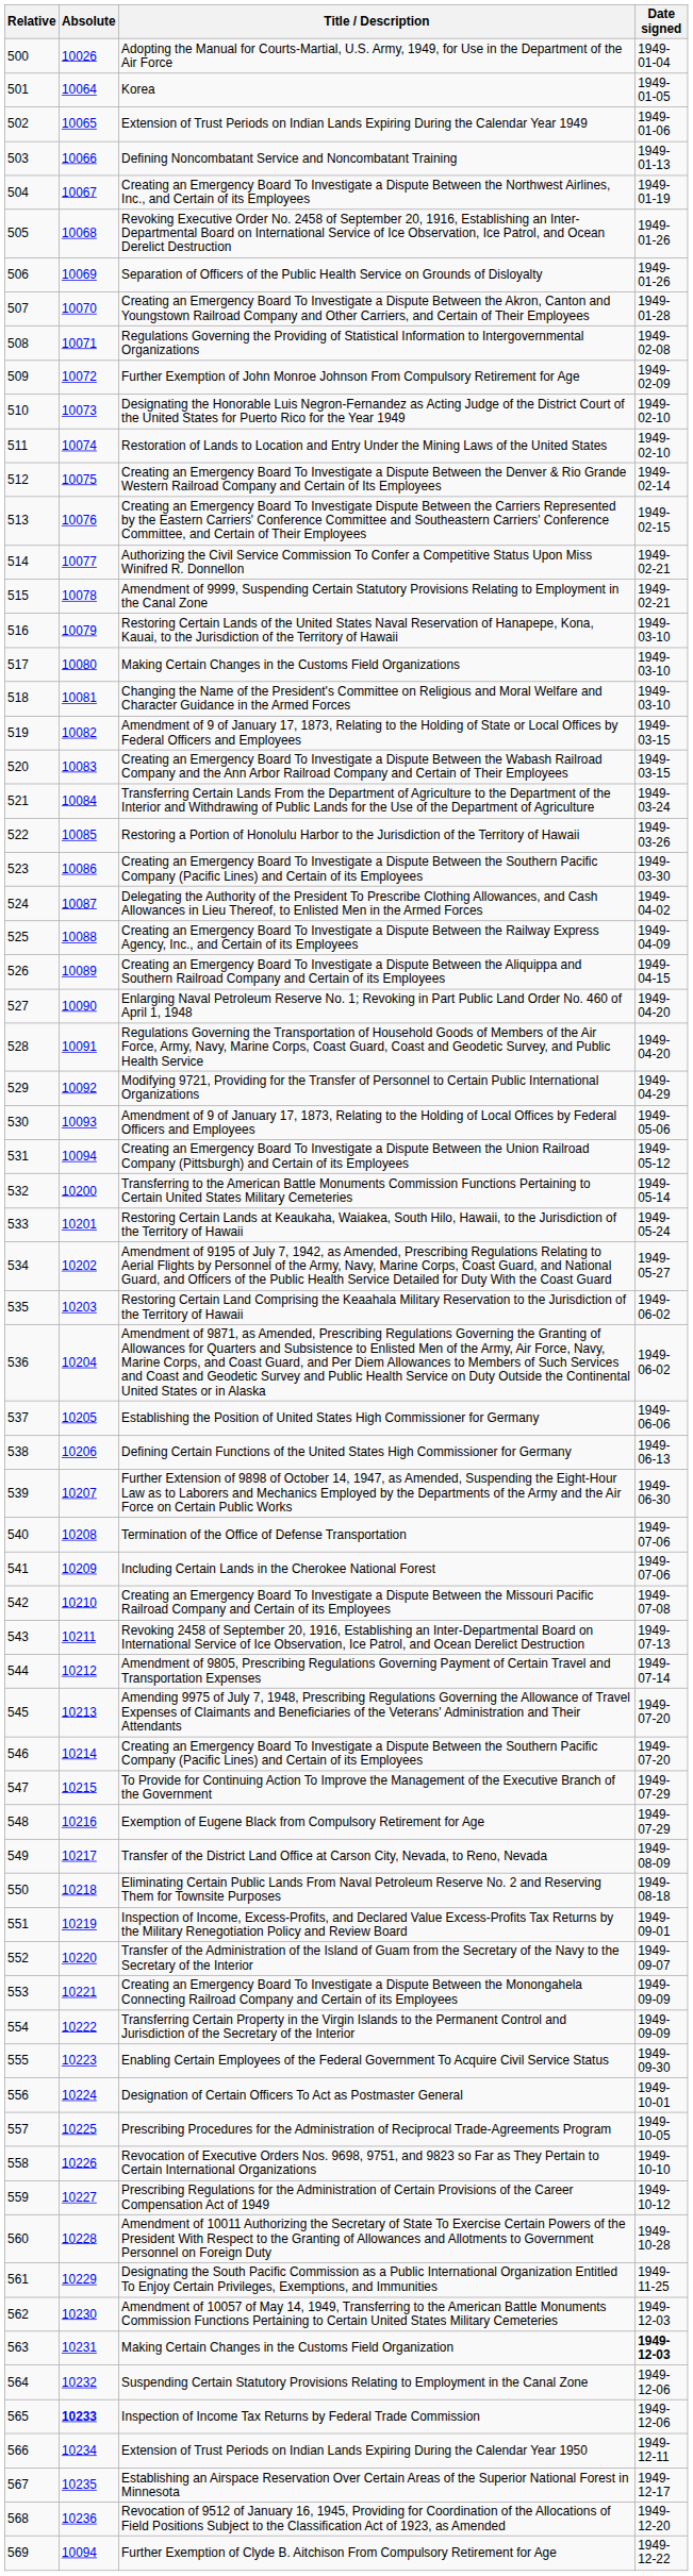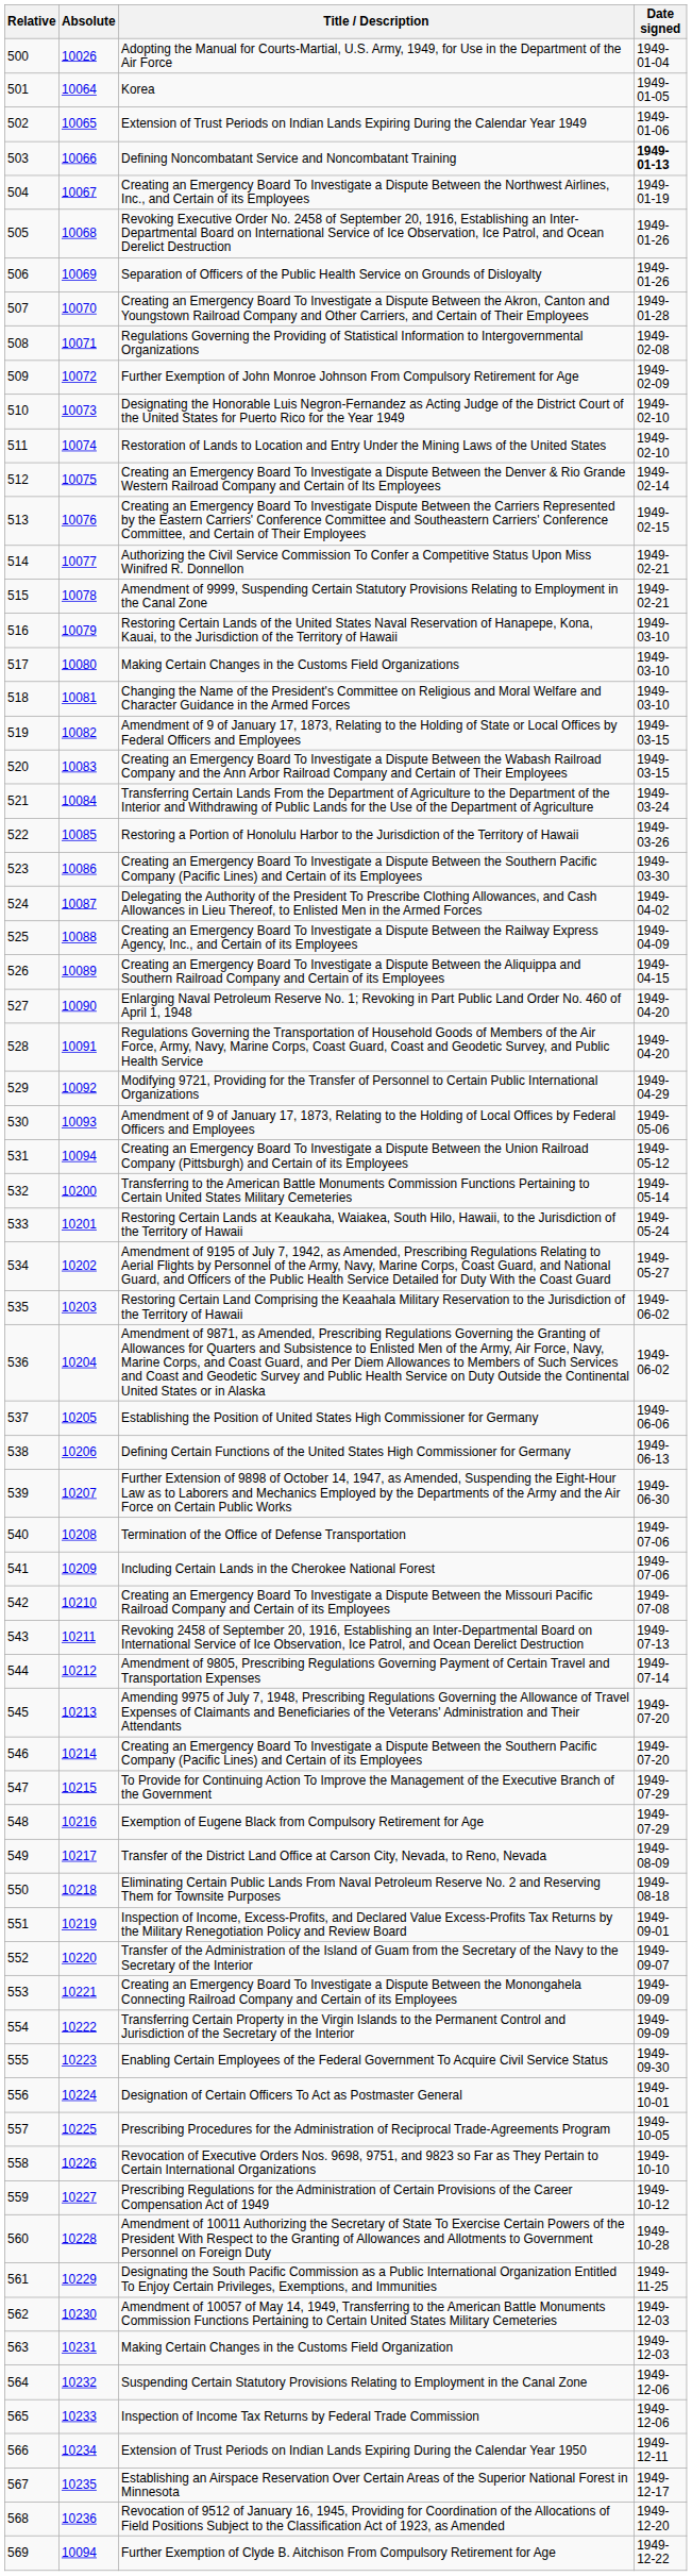 <table class="wikitable">
 <tr>
 <th>Relative </th>
 <th>Absolute </th>
 <th>Title / Description</th>
 <th>Date signed</th>
 </tr>
 <tr>
 <td>500</td>
 <td><a href='#'>10026</a></td>
 <td>Adopting the Manual for Courts-Martial, U.S. Army, 1949, for Use in the Department of the Air Force</td>
 <td>1949-01-04</td>
 </tr>
 <tr>
 <td>501</td>
 <td><a href='#'>10064</a></td>
 <td>Korea</td>
 <td>1949-01-05</td>
 </tr>
 <tr>
 <td>502</td>
 <td><a href='#'>10065</a></td>
 <td>Extension of Trust Periods on Indian Lands Expiring During the Calendar Year 1949</td>
 <td>1949-01-06</td>
 </tr>
 <tr>
 <td>503</td>
 <td><a href='#'>10066</a></td>
 <td>Defining Noncombatant Service and Noncombatant Training</td>
-<td>1949-01-13</td>
+<td><strong>1949-01-13</strong></td>
 </tr>
 <tr>
 <td>504</td>
 <td><a href='#'>10067</a></td>
 <td>Creating an Emergency Board To Investigate a Dispute Between the Northwest Airlines, Inc., and Certain of its Employees</td>
 <td>1949-01-19</td>
 </tr>
 <tr>
 <td>505</td>
 <td><a href='#'>10068</a></td>
 <td>Revoking Executive Order No. 2458 of September 20, 1916, Establishing an Inter-Departmental Board on International Service of Ice Observation, Ice Patrol, and Ocean Derelict Destruction</td>
 <td>1949-01-26</td>
 </tr>
 <tr>
 <td>506</td>
 <td><a href='#'>10069</a></td>
 <td>Separation of Officers of the Public Health Service on Grounds of Disloyalty</td>
 <td>1949-01-26</td>
 </tr>
 <tr>
 <td>507</td>
 <td><a href='#'>10070</a></td>
 <td>Creating an Emergency Board To Investigate a Dispute Between the Akron, Canton and Youngstown Railroad Company and Other Carriers, and Certain of Their Employees</td>
 <td>1949-01-28</td>
 </tr>
 <tr>
 <td>508</td>
 <td><a href='#'>10071</a></td>
 <td>Regulations Governing the Providing of Statistical Information to Intergovernmental Organizations</td>
 <td>1949-02-08</td>
 </tr>
 <tr>
 <td>509</td>
 <td><a href='#'>10072</a></td>
 <td>Further Exemption of John Monroe Johnson From Compulsory Retirement for Age</td>
 <td>1949-02-09</td>
 </tr>
 <tr>
 <td>510</td>
 <td><a href='#'>10073</a></td>
 <td>Designating the Honorable Luis Negron-Fernandez as Acting Judge of the District Court of the United States for Puerto Rico for the Year 1949</td>
 <td>1949-02-10</td>
 </tr>
 <tr>
 <td>511</td>
 <td><a href='#'>10074</a></td>
 <td>Restoration of Lands to Location and Entry Under the Mining Laws of the United States</td>
 <td>1949-02-10</td>
 </tr>
 <tr>
 <td>512</td>
 <td><a href='#'>10075</a></td>
 <td>Creating an Emergency Board To Investigate a Dispute Between the Denver & Rio Grande Western Railroad Company and Certain of Its Employees</td>
 <td>1949-02-14</td>
 </tr>
 <tr>
 <td>513</td>
 <td><a href='#'>10076</a></td>
 <td>Creating an Emergency Board To Investigate Dispute Between the Carriers Represented by the Eastern Carriers' Conference Committee and Southeastern Carriers' Conference Committee, and Certain of Their Employees</td>
 <td>1949-02-15</td>
 </tr>
 <tr>
 <td>514</td>
 <td><a href='#'>10077</a></td>
 <td>Authorizing the Civil Service Commission To Confer a Competitive Status Upon Miss Winifred R. Donnellon</td>
 <td>1949-02-21</td>
 </tr>
 <tr>
 <td>515</td>
 <td><a href='#'>10078</a></td>
 <td>Amendment of 9999, Suspending Certain Statutory Provisions Relating to Employment in the Canal Zone</td>
 <td>1949-02-21</td>
 </tr>
 <tr>
 <td>516</td>
 <td><a href='#'>10079</a></td>
 <td>Restoring Certain Lands of the United States Naval Reservation of Hanapepe, Kona, Kauai, to the Jurisdiction of the Territory of Hawaii</td>
 <td>1949-03-10</td>
 </tr>
 <tr>
 <td>517</td>
 <td><a href='#'>10080</a></td>
 <td>Making Certain Changes in the Customs Field Organizations</td>
 <td>1949-03-10</td>
 </tr>
 <tr>
 <td>518</td>
 <td><a href='#'>10081</a></td>
 <td>Changing the Name of the President's Committee on Religious and Moral Welfare and Character Guidance in the Armed Forces</td>
 <td>1949-03-10</td>
 </tr>
 <tr>
 <td>519</td>
 <td><a href='#'>10082</a></td>
 <td>Amendment of 9 of January 17, 1873, Relating to the Holding of State or Local Offices by Federal Officers and Employees</td>
 <td>1949-03-15</td>
 </tr>
 <tr>
 <td>520</td>
 <td><a href='#'>10083</a></td>
 <td>Creating an Emergency Board To Investigate a Dispute Between the Wabash Railroad Company and the Ann Arbor Railroad Company and Certain of Their Employees</td>
 <td>1949-03-15</td>
 </tr>
 <tr>
 <td>521</td>
 <td><a href='#'>10084</a></td>
 <td>Transferring Certain Lands From the Department of Agriculture to the Department of the Interior and Withdrawing of Public Lands for the Use of the Department of Agriculture</td>
 <td>1949-03-24</td>
 </tr>
 <tr>
 <td>522</td>
 <td><a href='#'>10085</a></td>
 <td>Restoring a Portion of Honolulu Harbor to the Jurisdiction of the Territory of Hawaii</td>
 <td>1949-03-26</td>
 </tr>
 <tr>
 <td>523</td>
 <td><a href='#'>10086</a></td>
 <td>Creating an Emergency Board To Investigate a Dispute Between the Southern Pacific Company (Pacific Lines) and Certain of its Employees</td>
 <td>1949-03-30</td>
 </tr>
 <tr>
 <td>524</td>
 <td><a href='#'>10087</a></td>
 <td>Delegating the Authority of the President To Prescribe Clothing Allowances, and Cash Allowances in Lieu Thereof, to Enlisted Men in the Armed Forces</td>
 <td>1949-04-02</td>
 </tr>
 <tr>
 <td>525</td>
 <td><a href='#'>10088</a></td>
 <td>Creating an Emergency Board To Investigate a Dispute Between the Railway Express Agency, Inc., and Certain of its Employees</td>
 <td>1949-04-09</td>
 </tr>
 <tr>
 <td>526</td>
 <td><a href='#'>10089</a></td>
 <td>Creating an Emergency Board To Investigate a Dispute Between the Aliquippa and Southern Railroad Company and Certain of its Employees</td>
 <td>1949-04-15</td>
 </tr>
 <tr>
 <td>527</td>
 <td><a href='#'>10090</a></td>
 <td>Enlarging Naval Petroleum Reserve No. 1; Revoking in Part Public Land Order No. 460 of April 1, 1948</td>
 <td>1949-04-20</td>
 </tr>
 <tr>
 <td>528</td>
 <td><a href='#'>10091</a></td>
 <td>Regulations Governing the Transportation of Household Goods of Members of the Air Force, Army, Navy, Marine Corps, Coast Guard, Coast and Geodetic Survey, and Public Health Service</td>
 <td>1949-04-20</td>
 </tr>
 <tr>
 <td>529</td>
 <td><a href='#'>10092</a></td>
 <td>Modifying 9721, Providing for the Transfer of Personnel to Certain Public International Organizations</td>
 <td>1949-04-29</td>
 </tr>
 <tr>
 <td>530</td>
 <td><a href='#'>10093</a></td>
 <td>Amendment of 9 of January 17, 1873, Relating to the Holding of Local Offices by Federal Officers and Employees</td>
 <td>1949-05-06</td>
 </tr>
 <tr>
 <td>531</td>
 <td><a href='#'>10094</a></td>
 <td>Creating an Emergency Board To Investigate a Dispute Between the Union Railroad Company (Pittsburgh) and Certain of its Employees</td>
 <td>1949-05-12</td>
 </tr>
 <tr>
 <td>532</td>
 <td><a href='#'>10200</a></td>
 <td>Transferring to the American Battle Monuments Commission Functions Pertaining to Certain United States Military Cemeteries</td>
 <td>1949-05-14</td>
 </tr>
 <tr>
 <td>533</td>
 <td><a href='#'>10201</a></td>
 <td>Restoring Certain Lands at Keaukaha, Waiakea, South Hilo, Hawaii, to the Jurisdiction of the Territory of Hawaii</td>
 <td>1949-05-24</td>
 </tr>
 <tr>
 <td>534</td>
 <td><a href='#'>10202</a></td>
 <td>Amendment of 9195 of July 7, 1942, as Amended, Prescribing Regulations Relating to Aerial Flights by Personnel of the Army, Navy, Marine Corps, Coast Guard, and National Guard, and Officers of the Public Health Service Detailed for Duty With the Coast Guard</td>
 <td>1949-05-27</td>
 </tr>
 <tr>
 <td>535</td>
 <td><a href='#'>10203</a></td>
 <td>Restoring Certain Land Comprising the Keaahala Military Reservation to the Jurisdiction of the Territory of Hawaii</td>
 <td>1949-06-02</td>
 </tr>
 <tr>
 <td>536</td>
 <td><a href='#'>10204</a></td>
 <td>Amendment of 9871, as Amended, Prescribing Regulations Governing the Granting of Allowances for Quarters and Subsistence to Enlisted Men of the Army, Air Force, Navy, Marine Corps, and Coast Guard, and Per Diem Allowances to Members of Such Services and Coast and Geodetic Survey and Public Health Service on Duty Outside the Continental United States or in Alaska</td>
 <td>1949-06-02</td>
 </tr>
 <tr>
 <td>537</td>
 <td><a href='#'>10205</a></td>
 <td>Establishing the Position of United States High Commissioner for Germany</td>
 <td>1949-06-06</td>
 </tr>
 <tr>
 <td>538</td>
 <td><a href='#'>10206</a></td>
 <td>Defining Certain Functions of the United States High Commissioner for Germany</td>
 <td>1949-06-13</td>
 </tr>
 <tr>
 <td>539</td>
 <td><a href='#'>10207</a></td>
 <td>Further Extension of 9898 of October 14, 1947, as Amended, Suspending the Eight-Hour Law as to Laborers and Mechanics Employed by the Departments of the Army and the Air Force on Certain Public Works</td>
 <td>1949-06-30</td>
 </tr>
 <tr>
 <td>540</td>
 <td><a href='#'>10208</a></td>
 <td>Termination of the Office of Defense Transportation</td>
 <td>1949-07-06</td>
 </tr>
 <tr>
 <td>541</td>
 <td><a href='#'>10209</a></td>
 <td>Including Certain Lands in the Cherokee National Forest</td>
 <td>1949-07-06</td>
 </tr>
 <tr>
 <td>542</td>
 <td><a href='#'>10210</a></td>
 <td>Creating an Emergency Board To Investigate a Dispute Between the Missouri Pacific Railroad Company and Certain of its Employees</td>
 <td>1949-07-08</td>
 </tr>
 <tr>
 <td>543</td>
 <td><a href='#'>10211</a></td>
 <td>Revoking 2458 of September 20, 1916, Establishing an Inter-Departmental Board on International Service of Ice Observation, Ice Patrol, and Ocean Derelict Destruction</td>
 <td>1949-07-13</td>
 </tr>
 <tr>
 <td>544</td>
 <td><a href='#'>10212</a></td>
 <td>Amendment of 9805, Prescribing Regulations Governing Payment of Certain Travel and Transportation Expenses</td>
 <td>1949-07-14</td>
 </tr>
 <tr>
 <td>545</td>
 <td><a href='#'>10213</a></td>
 <td>Amending 9975 of July 7, 1948, Prescribing Regulations Governing the Allowance of Travel Expenses of Claimants and Beneficiaries of the Veterans' Administration and Their Attendants</td>
 <td>1949-07-20</td>
 </tr>
 <tr>
 <td>546</td>
 <td><a href='#'>10214</a></td>
 <td>Creating an Emergency Board To Investigate a Dispute Between the Southern Pacific Company (Pacific Lines) and Certain of its Employees</td>
 <td>1949-07-20</td>
 </tr>
 <tr>
 <td>547</td>
 <td><a href='#'>10215</a></td>
 <td>To Provide for Continuing Action To Improve the Management of the Executive Branch of the Government</td>
 <td>1949-07-29</td>
 </tr>
 <tr>
 <td>548</td>
 <td><a href='#'>10216</a></td>
 <td>Exemption of Eugene Black from Compulsory Retirement for Age</td>
 <td>1949-07-29</td>
 </tr>
 <tr>
 <td>549</td>
 <td><a href='#'>10217</a></td>
 <td>Transfer of the District Land Office at Carson City, Nevada, to Reno, Nevada</td>
 <td>1949-08-09</td>
 </tr>
 <tr>
 <td>550</td>
 <td><a href='#'>10218</a></td>
 <td>Eliminating Certain Public Lands From Naval Petroleum Reserve No. 2 and Reserving Them for Townsite Purposes</td>
 <td>1949-08-18</td>
 </tr>
 <tr>
 <td>551</td>
 <td><a href='#'>10219</a></td>
 <td>Inspection of Income, Excess-Profits, and Declared Value Excess-Profits Tax Returns by the Military Renegotiation Policy and Review Board</td>
 <td>1949-09-01</td>
 </tr>
 <tr>
 <td>552</td>
 <td><a href='#'>10220</a></td>
 <td>Transfer of the Administration of the Island of Guam from the Secretary of the Navy to the Secretary of the Interior</td>
 <td>1949-09-07</td>
 </tr>
 <tr>
 <td>553</td>
 <td><a href='#'>10221</a></td>
 <td>Creating an Emergency Board To Investigate a Dispute Between the Monongahela Connecting Railroad Company and Certain of its Employees</td>
 <td>1949-09-09</td>
 </tr>
 <tr>
 <td>554</td>
 <td><a href='#'>10222</a></td>
 <td>Transferring Certain Property in the Virgin Islands to the Permanent Control and Jurisdiction of the Secretary of the Interior</td>
 <td>1949-09-09</td>
 </tr>
 <tr>
 <td>555</td>
 <td><a href='#'>10223</a></td>
 <td>Enabling Certain Employees of the Federal Government To Acquire Civil Service Status</td>
 <td>1949-09-30</td>
 </tr>
 <tr>
 <td>556</td>
 <td><a href='#'>10224</a></td>
 <td>Designation of Certain Officers To Act as Postmaster General</td>
 <td>1949-10-01</td>
 </tr>
 <tr>
 <td>557</td>
 <td><a href='#'>10225</a></td>
 <td>Prescribing Procedures for the Administration of Reciprocal Trade-Agreements Program</td>
 <td>1949-10-05</td>
 </tr>
 <tr>
 <td>558</td>
 <td><a href='#'>10226</a></td>
 <td>Revocation of Executive Orders Nos. 9698, 9751, and 9823 so Far as They Pertain to Certain International Organizations</td>
 <td>1949-10-10</td>
 </tr>
 <tr>
 <td>559</td>
 <td><a href='#'>10227</a></td>
 <td>Prescribing Regulations for the Administration of Certain Provisions of the Career Compensation Act of 1949</td>
 <td>1949-10-12</td>
 </tr>
 <tr>
 <td>560</td>
 <td><a href='#'>10228</a></td>
 <td>Amendment of 10011 Authorizing the Secretary of State To Exercise Certain Powers of the President With Respect to the Granting of Allowances and Allotments to Government Personnel on Foreign Duty</td>
 <td>1949-10-28</td>
 </tr>
 <tr>
 <td>561</td>
 <td><a href='#'>10229</a></td>
 <td>Designating the South Pacific Commission as a Public International Organization Entitled To Enjoy Certain Privileges, Exemptions, and Immunities</td>
 <td>1949-11-25</td>
 </tr>
 <tr>
 <td>562</td>
 <td><a href='#'>10230</a></td>
 <td>Amendment of 10057 of May 14, 1949, Transferring to the American Battle Monuments Commission Functions Pertaining to Certain United States Military Cemeteries</td>
 <td>1949-12-03</td>
 </tr>
 <tr>
 <td>563</td>
 <td><a href='#'>10231</a></td>
 <td>Making Certain Changes in the Customs Field Organization</td>
-<td><strong>1949-12-03</strong></td>
+<td>1949-12-03</td>
 </tr>
 <tr>
 <td>564</td>
 <td><a href='#'>10232</a></td>
 <td>Suspending Certain Statutory Provisions Relating to Employment in the Canal Zone</td>
 <td>1949-12-06</td>
 </tr>
 <tr>
 <td>565</td>
-<td><strong><a href='#'>10233</a></strong></td>
+<td><a href='#'>10233</a></td>
 <td>Inspection of Income Tax Returns by Federal Trade Commission</td>
 <td>1949-12-06</td>
 </tr>
 <tr>
 <td>566</td>
 <td><a href='#'>10234</a></td>
 <td>Extension of Trust Periods on Indian Lands Expiring During the Calendar Year 1950</td>
 <td>1949-12-11</td>
 </tr>
 <tr>
 <td>567</td>
 <td><a href='#'>10235</a></td>
 <td>Establishing an Airspace Reservation Over Certain Areas of the Superior National Forest in Minnesota</td>
 <td>1949-12-17</td>
 </tr>
 <tr>
 <td>568</td>
 <td><a href='#'>10236</a></td>
 <td>Revocation of 9512 of January 16, 1945, Providing for Coordination of the Allocations of Field Positions Subject to the Classification Act of 1923, as Amended</td>
 <td>1949-12-20</td>
 </tr>
 <tr>
 <td>569</td>
 <td><a href='#'>10094</a></td>
 <td>Further Exemption of Clyde B. Aitchison From Compulsory Retirement for Age</td>
 <td>1949-12-22</td>
 </tr>
 </table>
